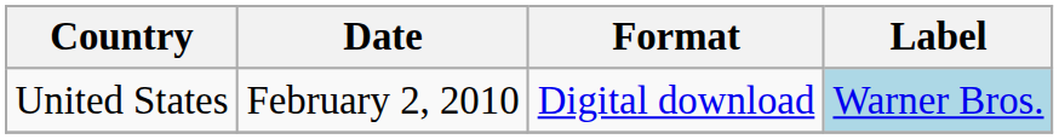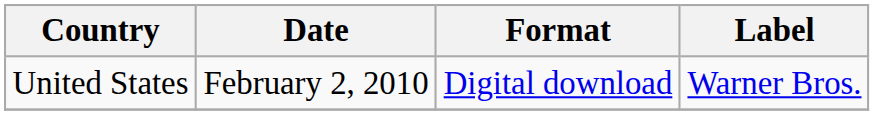 <table class="wikitable">
 <tr>
 <th>Country</th>
 <th>Date</th>
 <th>Format</th>
 <th>Label</th>
 </tr>
 <tr>
 <td>United States</td>
 <td>February 2, 2010</td>
 <td><a href='#'>Digital download</a></td>
-<td style="background: lightblue;"><a href='#'>Warner Bros.</a></td>
+<td><a href='#'>Warner Bros.</a></td>
 </tr>
 <tr>
 </tr>
 </table>
